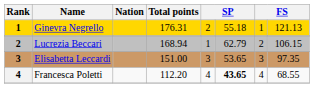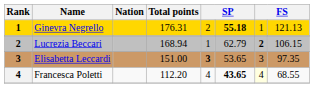 <table class="wikitable sortable">
 <tr>
 <th>Rank</th>
 <th>Name</th>
 <th>Nation</th>
 <th>Total points</th>
 <th colspan="2" width="80px"><a href='#'>SP</a></th>
 <th colspan="2" width="80px"><a href='#'>FS</a></th>
 </tr>
 <tr bgcolor="gold">
 <td align="center"><strong>1</strong></td>
 <td><a href='#'>Ginevra Negrello</a></td>
 <td></td>
 <td align="center">176.31</td>
 <td align="center">2</td>
-<td align="center">55.18</td>
+<td align="center"><strong>55.18</strong></td>
 <td align="center">1</td>
 <td align="center">121.13</td>
 </tr>
 <tr>
 </tr>
 <tr bgcolor="silver">
 <td align="center"><strong>2</strong></td>
 <td><a href='#'>Lucrezia Beccari</a></td>
 <td></td>
 <td align="center">168.94</td>
 <td align="center">1</td>
 <td align="center">62.79</td>
-<td align="center">2</td>
+<td align="center"><strong>2</strong></td>
 <td align="center">106.15</td>
 </tr>
 <tr>
 </tr>
 <tr bgcolor="cc9966">
 <td align="center"><strong>3</strong></td>
 <td><a href='#'>Elisabetta Leccardi</a></td>
 <td></td>
 <td align="center">151.00</td>
-<td align="center">3</td>
+<td align="center"><strong>3</strong></td>
 <td align="center">53.65</td>
 <td align="center">3</td>
 <td align="center">97.35</td>
 </tr>
 <tr>
 <th>4</th>
 <td>Francesca Poletti</td>
 <td></td>
 <td align="center">112.20</td>
 <td align="center">4</td>
 <td align="center"><strong>43.65</strong></td>
-<td align="center">4</td>
+<td align="center" style="background: lightyellow;">4</td>
 <td align="center">68.55</td>
 </tr>
 <tr>
 </tr>
 </table>
